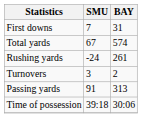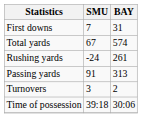 <table class="wikitable">
 <tr>
 <th>Statistics</th>
 <th>SMU</th>
 <th>BAY</th>
 </tr>
 <tr>
 <td>First downs</td>
 <td>7</td>
 <td>31</td>
 </tr>
 <tr>
 <td>Total yards</td>
 <td>67</td>
 <td>574</td>
 </tr>
 <tr>
 <td>Rushing yards</td>
 <td>-24</td>
 <td>261</td>
 </tr>
 <tr>
+<td>Passing yards</td>
+<td>91</td>
+<td>313</td>
+</tr>
+<tr>
 <td>Turnovers</td>
 <td>3</td>
 <td>2</td>
-</tr>
-<tr>
-<td>Passing yards</td>
-<td>91</td>
-<td>313</td>
 </tr>
 <tr>
 <td>Time of possession</td>
 <td>39:18</td>
 <td>30:06</td>
 </tr>
 <tr>
 </tr>
 </table>
